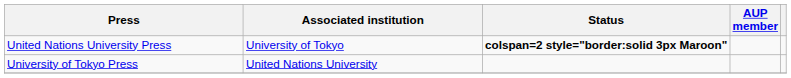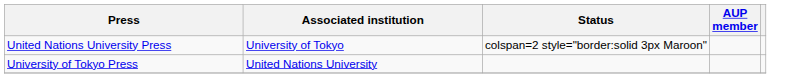 <table class="wikitable sortable">
 <tr>
 <th style="width:20em">Press</th>
 <th style="width:20em">Associated institution</th>
 <th>Status</th>
 <th><a href='#'>AUP<br>member</a></th>
 <th></th>
 </tr>
 <tr>
 <td><a href='#'>United Nations University Press</a></td>
 <td><a href='#'>University of Tokyo</a></td>
-<td><strong>colspan=2 style="border:solid 3px Maroon"  </strong></td>
+<td>colspan=2 style="border:solid 3px Maroon"  </td>
 <td></td>
 </tr>
 <tr>
 <td><a href='#'>University of Tokyo Press</a></td>
 <td><a href='#'>United Nations University</a></td>
 <td></td>
 <td></td>
 <td></td>
 </tr>
 <tr>
 </tr>
 </table>
